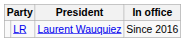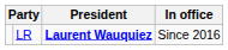 <table class="wikitable">
 <tr>
 <th colspan="2">Party</th>
 <th>President</th>
 <th>In office</th>
 </tr>
 <tr>
 <td></td>
 <td><a href='#'>LR</a></td>
-<td><a href='#'>Laurent Wauquiez</a></td>
+<td><strong><a href='#'>Laurent Wauquiez</a></strong></td>
 <td>Since 2016</td>
 </tr>
 </table>
